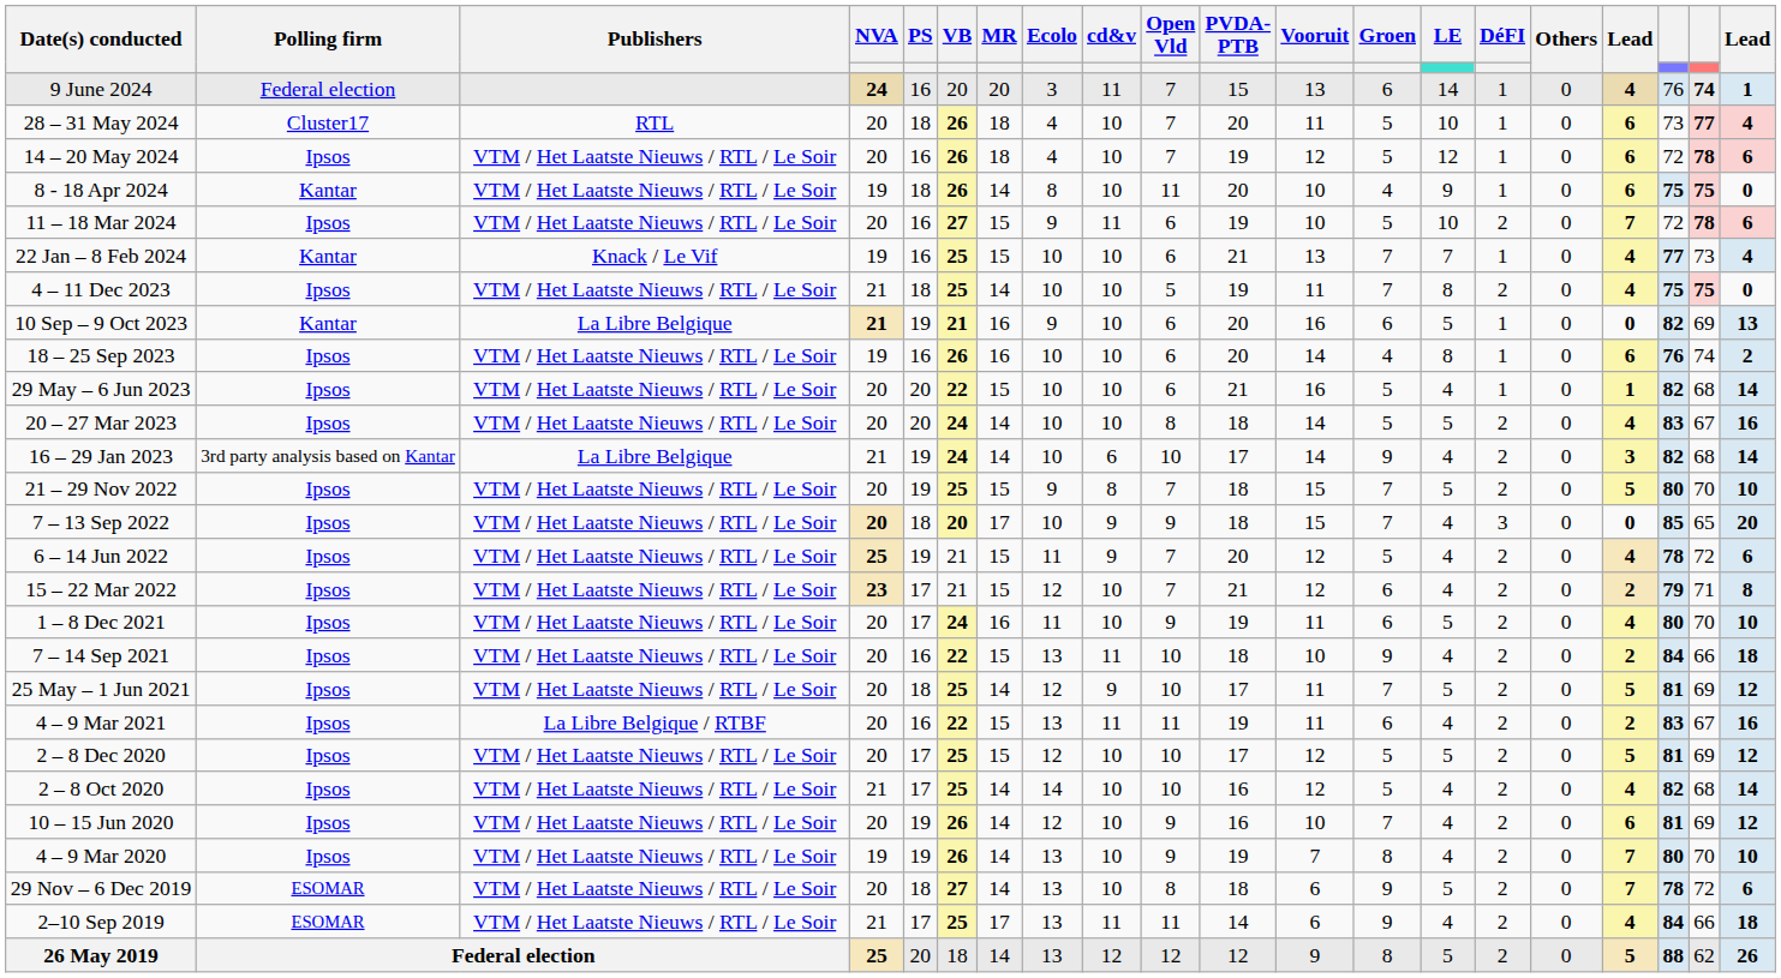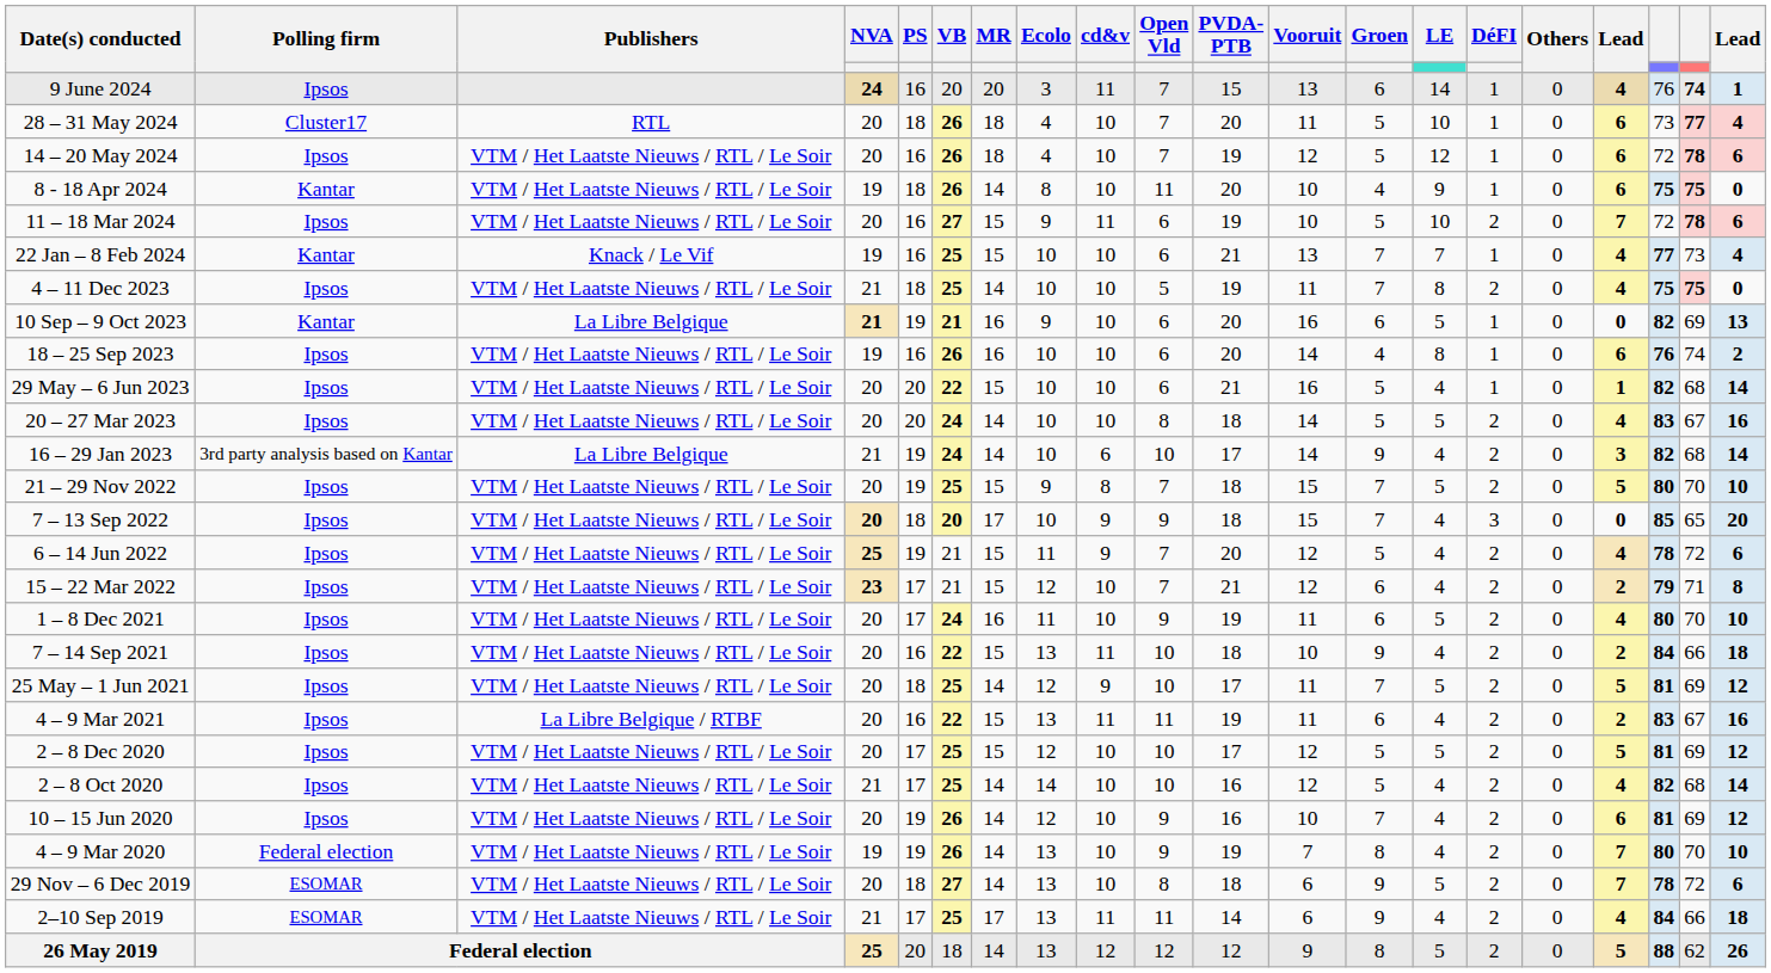 <table class="wikitable" style="text-align:center; font-size:90%; line-height:16px;">
 <tr style="background-color:#E9E9E9">
 <th rowspan="2">Date(s) conducted</th>
 <th rowspan="2">Polling firm</th>
 <th style="min-width: 143px" width="260" rowspan="2">Publishers</th>
 <th><a href='#'><span>NVA</span></a></th>
 <th><a href='#'><span>PS</span></a></th>
 <th><a href='#'><span>VB</span></a></th>
 <th><a href='#'><span>MR</span></a></th>
 <th><a href='#'><span>Ecolo</span></a></th>
 <th><a href='#'><span>cd&v</span></a></th>
 <th><a href='#'><span>Open<br>Vld</span></a></th>
 <th><a href='#'><span>PVDA-<br>PTB</span></a></th>
 <th><a href='#'><span>Vooruit</span></a></th>
 <th><a href='#'><span>Groen</span></a></th>
 <th><a href='#'><span>LE</span></a></th>
 <th><a href='#'><span>DéFI</span></a></th>
 <th rowspan="2">Others</th>
 <th rowspan="2">Lead</th>
 <th></th>
 <th></th>
 <th rowspan="2">Lead</th>
 </tr>
 <tr>
 <th style="background:"></th>
 <th style="background:"></th>
 <th style="background:"></th>
 <th style="background:"></th>
 <th style="background:"></th>
 <th style="background:"></th>
 <th style="background:"></th>
 <th style="background:"></th>
 <th style="background:"></th>
 <th style="background:"></th>
 <th style="background:Turquoise; width:30px;"></th>
 <th style="background:"></th>
 <th class="unsortable" style="background:#7777FF"></th>
 <th class="unsortable" style="background:#FF7777"></th>
 </tr>
 <tr style="background-color:#E9E9E9">
 <td>9 June 2024</td>
-<td><a href='#'>Federal election</a></td>
+<td><a href='#'>Ipsos</a></td>
 <td></td>
 <td style="background-color:#f2bd2e4d"><strong>24</strong>     </td>
 <td>16     </td>
 <td>20     </td>
 <td>20     </td>
 <td>3     </td>
 <td>11     </td>
 <td>7     </td>
 <td>15     </td>
 <td>13     </td>
 <td>6     </td>
 <td>14     </td>
 <td>1     </td>
 <td>0     </td>
 <td style="background-color:#f2bd2e4d"><strong>4</strong>  </td>
 <td style="background:#D9E9F4">76     </td>
 <td><strong>74</strong>  </td>
 <td style="background-color:#D9E9F4"><strong>1</strong>  </td>
 </tr>
 <tr>
 <td>28 – 31 May 2024</td>
 <td><a href='#'>Cluster17</a></td>
 <td><a href='#'>RTL</a></td>
 <td>20     </td>
 <td>18     </td>
 <td style="background-color:#fff0004d"><strong>26</strong>  </td>
 <td>18     </td>
 <td>4     </td>
 <td>10     </td>
 <td>7     </td>
 <td>20     </td>
 <td>11     </td>
 <td>5     </td>
 <td>10     </td>
 <td>1     </td>
 <td>0     </td>
 <td style="background-color:#fff0004d"><strong>6</strong>  </td>
 <td>73     </td>
 <td style="background-color:#ff77774d"><strong>77</strong>  </td>
 <td style="background-color:#ff77774d"><strong>4</strong>  </td>
 </tr>
 <tr>
 <td>14 – 20 May 2024</td>
 <td><a href='#'>Ipsos</a></td>
 <td><a href='#'>VTM</a> / <a href='#'>Het Laatste Nieuws</a> / <a href='#'>RTL</a> / <a href='#'>Le Soir</a></td>
 <td>20     </td>
 <td>16     </td>
 <td style="background-color:#fff0004d"><strong>26</strong>  </td>
 <td>18     </td>
 <td>4     </td>
 <td>10     </td>
 <td>7     </td>
 <td>19     </td>
 <td>12     </td>
 <td>5     </td>
 <td>12     </td>
 <td>1     </td>
 <td>0     </td>
 <td style="background-color:#fff0004d"><strong>6</strong>  </td>
 <td>72     </td>
 <td style="background-color:#ff77774d"><strong>78</strong>  </td>
 <td style="background-color:#ff77774d"><strong>6</strong>  </td>
 </tr>
 <tr>
 <td>8 - 18 Apr 2024</td>
 <td><a href='#'>Kantar</a></td>
 <td><a href='#'>VTM</a> / <a href='#'>Het Laatste Nieuws</a> / <a href='#'>RTL</a> / <a href='#'>Le Soir</a></td>
 <td>19  </td>
 <td>18     </td>
 <td style="background-color:#fff0004d"><strong>26</strong>  </td>
 <td>14     </td>
 <td>8     </td>
 <td>10     </td>
 <td>11     </td>
 <td>20     </td>
 <td>10     </td>
 <td>4     </td>
 <td>9     </td>
 <td>1     </td>
 <td>0     </td>
 <td style="background-color:#fff0004d"><strong>6</strong>  </td>
 <td style="background:#D9E9F4"><strong>75</strong>  </td>
 <td style="background-color:#ff77774d"><strong>75</strong>  </td>
 <td><strong>0</strong>  </td>
 </tr>
 <tr>
 <td>11 – 18 Mar 2024</td>
 <td><a href='#'>Ipsos</a></td>
 <td><a href='#'>VTM</a> / <a href='#'>Het Laatste Nieuws</a> / <a href='#'>RTL</a> / <a href='#'>Le Soir</a></td>
 <td>20     </td>
 <td>16     </td>
 <td style="background-color:#fff0004d"><strong>27</strong>  </td>
 <td>15     </td>
 <td>9      </td>
 <td>11     </td>
 <td>6     </td>
 <td>19     </td>
 <td>10     </td>
 <td>5     </td>
 <td>10    </td>
 <td>2     </td>
 <td>0     </td>
 <td style="background-color:#fff0004d"><strong>7</strong>  </td>
 <td>72     </td>
 <td style="background-color:#ff77774d"><strong>78</strong>  </td>
 <td style="background-color:#ff77774d"><strong>6</strong>  </td>
 </tr>
 <tr>
 <td>22 Jan – 8 Feb 2024</td>
 <td><a href='#'>Kantar</a></td>
 <td><a href='#'>Knack</a> / <a href='#'>Le Vif</a></td>
 <td>19     </td>
 <td>16     </td>
 <td style="background-color:#fff0004d"><strong>25</strong>  </td>
 <td>15     </td>
 <td>10     </td>
 <td>10     </td>
 <td>6     </td>
 <td>21     </td>
 <td>13     </td>
 <td>7     </td>
 <td>7     </td>
 <td>1     </td>
 <td>0     </td>
 <td style="background-color:#fff0004d"><strong>4</strong>  </td>
 <td style="background:#D9E9F4"><strong>77</strong>  </td>
 <td>73     </td>
 <td style="background:#D9E9F4"><strong>4</strong>  </td>
 </tr>
 <tr>
 <td>4 – 11 Dec 2023</td>
 <td><a href='#'>Ipsos</a></td>
 <td><a href='#'>VTM</a> / <a href='#'>Het Laatste Nieuws</a> / <a href='#'>RTL</a> / <a href='#'>Le Soir</a></td>
 <td>21     </td>
 <td>18     </td>
 <td style="background-color:#fff0004d"><strong>25</strong>  </td>
 <td>14     </td>
 <td>10     </td>
 <td>10     </td>
 <td>5     </td>
 <td>19     </td>
 <td>11     </td>
 <td>7     </td>
 <td>8     </td>
 <td>2     </td>
 <td>0     </td>
 <td style="background-color:#fff0004d"><strong>4</strong>  </td>
 <td style="background:#D9E9F4"><strong>75</strong>  </td>
 <td style="background-color:#ff77774d"><strong>75</strong>  </td>
 <td><strong>0</strong>  </td>
 </tr>
 <tr>
 <td>10 Sep – 9 Oct 2023</td>
 <td><a href='#'>Kantar</a></td>
 <td><a href='#'>La Libre Belgique</a></td>
 <td style="background-color:#f2bd2e4d"><strong>21</strong>  </td>
 <td>19     </td>
 <td style="background-color:#fff0004d"><strong>21</strong>  </td>
 <td>16     </td>
 <td>9     </td>
 <td>10     </td>
 <td>6     </td>
 <td>20     </td>
 <td>16     </td>
 <td>6     </td>
 <td>5     </td>
 <td>1     </td>
 <td>0     </td>
 <td><strong>0</strong>  </td>
 <td style="background:#D9E9F4"><strong>82</strong>  </td>
 <td>69     </td>
 <td style="background:#D9E9F4"><strong>13</strong>  </td>
 </tr>
 <tr>
 <td>18 – 25 Sep 2023</td>
 <td><a href='#'>Ipsos</a></td>
 <td><a href='#'>VTM</a> / <a href='#'>Het Laatste Nieuws</a> / <a href='#'>RTL</a> / <a href='#'>Le Soir</a></td>
 <td>19     </td>
 <td>16     </td>
 <td style="background-color:#fff0004d"><strong>26</strong>  </td>
 <td>16     </td>
 <td>10     </td>
 <td>10     </td>
 <td>6     </td>
 <td>20     </td>
 <td>14     </td>
 <td>4     </td>
 <td>8     </td>
 <td>1     </td>
 <td>0     </td>
 <td style="background-color:#fff0004d"><strong>6</strong>  </td>
 <td style="background:#D9E9F4"><strong>76</strong>  </td>
 <td>74     </td>
 <td style="background:#D9E9F4"><strong>2</strong>  </td>
 </tr>
 <tr>
 <td>29 May – 6 Jun 2023</td>
 <td><a href='#'>Ipsos</a></td>
 <td><a href='#'>VTM</a> / <a href='#'>Het Laatste Nieuws</a> / <a href='#'>RTL</a> / <a href='#'>Le Soir</a></td>
 <td>20     </td>
 <td>20     </td>
 <td style="background-color:#fff0004d"><strong>22</strong>  </td>
 <td>15     </td>
 <td>10     </td>
 <td>10     </td>
 <td>6     </td>
 <td>21       </td>
 <td>16     </td>
 <td>5     </td>
 <td>4     </td>
 <td>1     </td>
 <td>0     </td>
 <td style="background-color:#fff0004d"><strong>1</strong>  </td>
 <td style="background:#D9E9F4"><strong>82</strong>  </td>
 <td>68     </td>
 <td style="background:#D9E9F4"><strong>14</strong>  </td>
 </tr>
 <tr>
 <td>20 – 27 Mar 2023</td>
 <td><a href='#'>Ipsos</a></td>
 <td><a href='#'>VTM</a> / <a href='#'>Het Laatste Nieuws</a> / <a href='#'>RTL</a> / <a href='#'>Le Soir</a></td>
 <td>20     </td>
 <td>20     </td>
 <td style="background-color:#fff0004d"><strong>24</strong>  </td>
 <td>14     </td>
 <td>10     </td>
 <td>10     </td>
 <td>8     </td>
 <td>18      </td>
 <td>14     </td>
 <td>5     </td>
 <td>5     </td>
 <td>2     </td>
 <td>0     </td>
 <td style="background-color:#fff0004d"><strong>4</strong>  </td>
 <td style="background:#D9E9F4"><strong>83</strong>  </td>
 <td>67     </td>
 <td style="background:#D9E9F4"><strong>16</strong>  </td>
 </tr>
 <tr>
 <td>16 – 29 Jan 2023</td>
 <td style="font-size: 0.87em">3rd party analysis based on <a href='#'>Kantar</a></td>
 <td><a href='#'>La Libre Belgique</a></td>
 <td>21     </td>
 <td>19     </td>
 <td style="background-color:#fff0004d"><strong>24</strong>  </td>
 <td>14     </td>
 <td>10     </td>
 <td>6     </td>
 <td>10     </td>
 <td>17      </td>
 <td>14     </td>
 <td>9     </td>
 <td>4     </td>
 <td>2     </td>
 <td>0     </td>
 <td style="background-color:#fff0004d"><strong>3</strong>  </td>
 <td style="background:#D9E9F4"><strong>82</strong>  </td>
 <td>68     </td>
 <td style="background:#D9E9F4"><strong>14</strong>  </td>
 </tr>
 <tr>
 <td>21 – 29 Nov 2022</td>
 <td><a href='#'>Ipsos</a></td>
 <td><a href='#'>VTM</a> / <a href='#'>Het Laatste Nieuws</a> / <a href='#'>RTL</a> / <a href='#'>Le Soir</a></td>
 <td>20     </td>
 <td>19     </td>
 <td style="background-color:#fff0004d"><strong>25</strong>  </td>
 <td>15     </td>
 <td>9     </td>
 <td>8     </td>
 <td>7     </td>
 <td>18      </td>
 <td>15     </td>
 <td>7     </td>
 <td>5     </td>
 <td>2     </td>
 <td>0     </td>
 <td style="background-color:#fff0004d"><strong>5</strong>  </td>
 <td style="background:#D9E9F4"><strong>80</strong>  </td>
 <td>70     </td>
 <td style="background:#D9E9F4"><strong>10</strong>  </td>
 </tr>
 <tr>
 <td>7 – 13 Sep 2022</td>
 <td><a href='#'>Ipsos</a></td>
 <td><a href='#'>VTM</a> / <a href='#'>Het Laatste Nieuws</a> / <a href='#'>RTL</a> / <a href='#'>Le Soir</a></td>
 <td style="background-color:#f2bd2e4d"><strong>20</strong>  </td>
 <td>18     </td>
 <td style="background-color:#fff0004d"><strong>20</strong>  </td>
 <td>17     </td>
 <td>10     </td>
 <td>9     </td>
 <td>9     </td>
 <td>18      </td>
 <td>15     </td>
 <td>7     </td>
 <td>4     </td>
 <td>3     </td>
 <td>0     </td>
 <td><strong>0</strong>  </td>
 <td style="background:#D9E9F4"><strong>85</strong>  </td>
 <td>65     </td>
 <td style="background:#D9E9F4"><strong>20</strong>  </td>
 </tr>
 <tr>
 <td>6 – 14 Jun 2022</td>
 <td><a href='#'>Ipsos</a></td>
 <td><a href='#'>VTM</a> / <a href='#'>Het Laatste Nieuws</a> / <a href='#'>RTL</a> / <a href='#'>Le Soir</a></td>
 <td style="background-color:#f2bd2e4d"><strong>25</strong>  </td>
 <td>19     </td>
 <td>21     </td>
 <td>15     </td>
 <td>11     </td>
 <td>9     </td>
 <td>7     </td>
 <td>20     </td>
 <td>12     </td>
 <td>5     </td>
 <td>4     </td>
 <td>2     </td>
 <td>0     </td>
 <td style="background-color:#f2bd2e4d"><strong>4</strong>  </td>
 <td style="background:#D9E9F4"><strong>78</strong>  </td>
 <td>72     </td>
 <td style="background:#D9E9F4"><strong>6</strong>  </td>
 </tr>
 <tr>
 <td>15 – 22 Mar 2022</td>
 <td><a href='#'>Ipsos</a></td>
 <td><a href='#'>VTM</a> / <a href='#'>Het Laatste Nieuws</a> / <a href='#'>RTL</a> / <a href='#'>Le Soir</a></td>
 <td style="background-color:#f2bd2e4d"><strong>23</strong>  </td>
 <td>17     </td>
 <td>21     </td>
 <td>15     </td>
 <td>12     </td>
 <td>10     </td>
 <td>7     </td>
 <td>21     </td>
 <td>12     </td>
 <td>6     </td>
 <td>4     </td>
 <td>2     </td>
 <td>0     </td>
 <td style="background-color:#f2bd2e4d"><strong>2</strong>  </td>
 <td style="background:#D9E9F4"><strong>79</strong>  </td>
 <td>71     </td>
 <td style="background:#D9E9F4"><strong>8</strong>  </td>
 </tr>
 <tr>
 <td>1 – 8 Dec 2021</td>
 <td><a href='#'>Ipsos</a></td>
 <td><a href='#'>VTM</a> / <a href='#'>Het Laatste Nieuws</a> / <a href='#'>RTL</a> / <a href='#'>Le Soir</a></td>
 <td>20     </td>
 <td>17     </td>
 <td style="background-color:#fff0004d"><strong>24</strong>  </td>
 <td>16     </td>
 <td>11     </td>
 <td>10     </td>
 <td>9     </td>
 <td>19     </td>
 <td>11     </td>
 <td>6     </td>
 <td>5     </td>
 <td>2     </td>
 <td>0     </td>
 <td style="background-color:#fff0004d"><strong>4</strong>  </td>
 <td style="background:#D9E9F4"><strong>80</strong>  </td>
 <td>70     </td>
 <td style="background:#D9E9F4"><strong>10</strong>  </td>
 </tr>
 <tr>
 <td>7 – 14 Sep 2021</td>
 <td><a href='#'>Ipsos</a></td>
 <td><a href='#'>VTM</a> / <a href='#'>Het Laatste Nieuws</a> / <a href='#'>RTL</a> / <a href='#'>Le Soir</a></td>
 <td>20     </td>
 <td>16     </td>
 <td style="background-color:#fff0004d"><strong>22</strong>  </td>
 <td>15     </td>
 <td>13     </td>
 <td>11     </td>
 <td>10     </td>
 <td>18     </td>
 <td>10     </td>
 <td>9     </td>
 <td>4     </td>
 <td>2     </td>
 <td>0     </td>
 <td style="background-color:#fff0004d"><strong>2</strong>  </td>
 <td style="background:#D9E9F4"><strong>84</strong>  </td>
 <td>66     </td>
 <td style="background:#D9E9F4"><strong>18</strong>  </td>
 </tr>
 <tr>
 <td>25 May – 1 Jun 2021</td>
 <td><a href='#'>Ipsos</a></td>
 <td><a href='#'>VTM</a> / <a href='#'>Het Laatste Nieuws</a> / <a href='#'>RTL</a> / <a href='#'>Le Soir</a></td>
 <td>20     </td>
 <td>18     </td>
 <td style="background-color:#fff0004d"><strong>25</strong>  </td>
 <td>14     </td>
 <td>12     </td>
 <td>9     </td>
 <td>10     </td>
 <td>17     </td>
 <td>11     </td>
 <td>7     </td>
 <td>5     </td>
 <td>2     </td>
 <td>0     </td>
 <td style="background-color:#fff0004d"><strong>5</strong>  </td>
 <td style="background:#D9E9F4"><strong>81</strong>  </td>
 <td>69     </td>
 <td style="background:#D9E9F4"><strong>12</strong>  </td>
 </tr>
 <tr>
 <td>4 – 9 Mar 2021</td>
 <td><a href='#'>Ipsos</a></td>
 <td><a href='#'>La Libre Belgique</a> / <a href='#'>RTBF</a></td>
 <td>20     </td>
 <td>16     </td>
 <td style="background-color:#fff0004d"><strong>22</strong>  </td>
 <td>15     </td>
 <td>13     </td>
 <td>11     </td>
 <td>11     </td>
 <td>19     </td>
 <td>11     </td>
 <td>6     </td>
 <td>4     </td>
 <td>2     </td>
 <td>0     </td>
 <td style="background-color:#fff0004d"><strong>2</strong>   </td>
 <td style="background:#D9E9F4"><strong>83</strong>  </td>
 <td>67     </td>
 <td style="background:#D9E9F4"><strong>16</strong>  </td>
 </tr>
 <tr>
 <td>2 – 8 Dec  2020</td>
 <td><a href='#'>Ipsos</a></td>
 <td><a href='#'>VTM</a> / <a href='#'>Het Laatste Nieuws</a> / <a href='#'>RTL</a> / <a href='#'>Le Soir</a></td>
 <td>20     </td>
 <td>17     </td>
 <td style="background-color:#fff0004d"><strong>25</strong>  </td>
 <td>15     </td>
 <td>12     </td>
 <td>10     </td>
 <td>10     </td>
 <td>17     </td>
 <td>12     </td>
 <td>5      </td>
 <td>5      </td>
 <td>2      </td>
 <td>0      </td>
 <td style="background-color:#fff0004d"><strong>5</strong>   </td>
 <td style="background:#D9E9F4"><strong>81</strong>  </td>
 <td>69     </td>
 <td style="background:#D9E9F4"><strong>12</strong>  </td>
 </tr>
 <tr>
 <td>2 – 8 Oct 2020</td>
 <td><a href='#'>Ipsos</a></td>
 <td><a href='#'>VTM</a> / <a href='#'>Het Laatste Nieuws</a> / <a href='#'>RTL</a> / <a href='#'>Le Soir</a></td>
 <td>21     </td>
 <td>17     </td>
 <td style="background-color:#fff0004d"><strong>25</strong>  </td>
 <td>14     </td>
 <td>14     </td>
 <td>10     </td>
 <td>10     </td>
 <td>16     </td>
 <td>12     </td>
 <td>5      </td>
 <td>4      </td>
 <td>2      </td>
 <td>0      </td>
 <td style="background-color:#fff0004d"><strong>4</strong>   </td>
 <td style="background:#D9E9F4"><strong>82</strong>  </td>
 <td>68     </td>
 <td style="background:#D9E9F4"><strong>14</strong>  </td>
 </tr>
 <tr>
 <td>10 – 15 Jun 2020</td>
 <td><a href='#'>Ipsos</a></td>
 <td><a href='#'>VTM</a> / <a href='#'>Het Laatste Nieuws</a> / <a href='#'>RTL</a> / <a href='#'>Le Soir</a></td>
 <td>20     </td>
 <td>19     </td>
 <td style="background-color:#fff0004d"><strong>26</strong>  </td>
 <td>14     </td>
 <td>12     </td>
 <td>10     </td>
 <td>9     </td>
 <td>16     </td>
 <td>10     </td>
 <td>7     </td>
 <td>4     </td>
 <td>2     </td>
 <td>0     </td>
 <td style="background-color:#fff0004d"><strong>6</strong>  </td>
 <td style="background:#D9E9F4"><strong>81</strong>  </td>
 <td>69     </td>
 <td style="background:#D9E9F4"><strong>12</strong>  </td>
 </tr>
 <tr>
 <td>4 – 9 Mar 2020</td>
-<td><a href='#'>Ipsos</a></td>
+<td><a href='#'>Federal election</a></td>
 <td><a href='#'>VTM</a> / <a href='#'>Het Laatste Nieuws</a> / <a href='#'>RTL</a> / <a href='#'>Le Soir</a></td>
 <td>19     </td>
 <td>19     </td>
 <td style="background-color:#fff0004d"><strong>26</strong>  </td>
 <td>14     </td>
 <td>13     </td>
 <td>10     </td>
 <td>9     </td>
 <td>19     </td>
 <td>7     </td>
 <td>8     </td>
 <td>4     </td>
 <td>2     </td>
 <td>0     </td>
 <td style="background-color:#fff0004d"><strong>7</strong>   </td>
 <td style="background:#D9E9F4"><strong>80</strong>  </td>
 <td>70     </td>
 <td style="background:#D9E9F4"><strong>10</strong>  </td>
 </tr>
 <tr>
 <td>29 Nov – 6 Dec 2019</td>
 <td style="font-size: smaller;"><a href='#'>ESOMAR</a></td>
 <td><a href='#'>VTM</a> / <a href='#'>Het Laatste Nieuws</a> / <a href='#'>RTL</a> / <a href='#'>Le Soir</a></td>
 <td>20     </td>
 <td>18     </td>
 <td style="background-color:#fff0004d"><strong>27</strong>  </td>
 <td>14     </td>
 <td>13     </td>
 <td>10     </td>
 <td>8      </td>
 <td>18     </td>
 <td>6      </td>
 <td>9      </td>
 <td>5      </td>
 <td>2      </td>
 <td>0      </td>
 <td style="background-color:#fff0004d"><strong>7</strong>   </td>
 <td style="background:#D9E9F4"><strong>78</strong>  </td>
 <td>72     </td>
 <td style="background:#D9E9F4"><strong>6</strong>  </td>
 </tr>
 <tr>
 <td>2–10 Sep 2019</td>
 <td style="font-size: smaller;"><a href='#'>ESOMAR</a></td>
 <td><a href='#'>VTM</a> / <a href='#'>Het Laatste Nieuws</a> / <a href='#'>RTL</a> / <a href='#'>Le Soir</a></td>
 <td>21     </td>
 <td>17     </td>
 <td style="background-color:#fff0004d"><strong>25</strong>  </td>
 <td>17     </td>
 <td>13     </td>
 <td>11     </td>
 <td>11     </td>
 <td>14     </td>
 <td>6      </td>
 <td>9      </td>
 <td>4      </td>
 <td>2      </td>
 <td>0      </td>
 <td style="background-color:#fff0004d"><strong>4</strong>   </td>
 <td style="background:#D9E9F4"><strong>84</strong>  </td>
 <td>66     </td>
 <td style="background:#D9E9F4"><strong>18</strong>  </td>
 </tr>
 <tr>
 <th>26 May 2019</th>
 <th colspan="2">Federal election</th>
 <td style="background-color:#f2bd2e4d"><strong>25</strong>  </td>
 <td style="background-color:#E9E9E9">20     </td>
 <td style="background-color:#E9E9E9">18     </td>
 <td style="background-color:#E9E9E9">14     </td>
 <td style="background-color:#E9E9E9">13     </td>
 <td style="background-color:#E9E9E9">12     </td>
 <td style="background-color:#E9E9E9">12     </td>
 <td style="background-color:#E9E9E9">12     </td>
 <td style="background-color:#E9E9E9">9      </td>
 <td style="background-color:#E9E9E9">8      </td>
 <td style="background-color:#E9E9E9">5      </td>
 <td style="background-color:#E9E9E9">2      </td>
 <td style="background-color:#E9E9E9">0      </td>
 <td style="background-color:#f2bd2e4d"><strong>5</strong>   </td>
 <td style="background-color:#D9E9F4"><strong>88</strong>  </td>
 <td style="background-color:#E9E9E9">62     </td>
 <td style="background-color:#D9E9F4"><strong>26</strong>  </td>
 </tr>
 </table>
